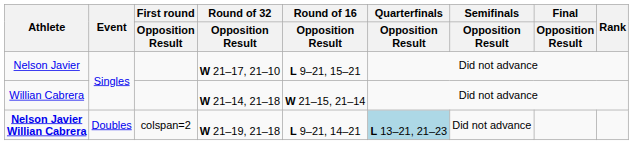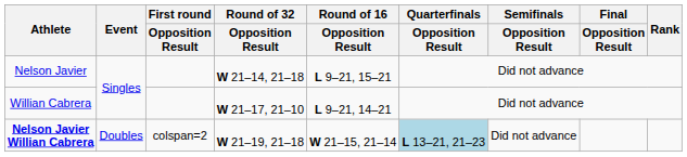 <table class="wikitable" style="font-size:90%">
 <tr>
 <th rowspan="2">Athlete</th>
 <th rowspan="2">Event</th>
 <th>First round</th>
 <th>Round of 32</th>
 <th>Round of 16</th>
 <th>Quarterfinals</th>
 <th>Semifinals</th>
 <th>Final</th>
 <th rowspan="2">Rank</th>
 </tr>
 <tr>
 <th>Opposition<br>Result</th>
 <th>Opposition<br>Result</th>
 <th>Opposition<br>Result</th>
 <th>Opposition<br>Result</th>
 <th>Opposition<br>Result</th>
 <th>Opposition<br>Result</th>
 </tr>
 <tr align=center>
 <td><a href='#'>Nelson Javier</a></td>
 <td rowspan="2"><a href='#'>Singles</a></td>
 <td></td>
-<td align=center><br><strong>W</strong> 21–17, 21–10</td>
+<td align=center><br><strong>W</strong> 21–14, 21–18</td>
 <td align=center><br><strong>L</strong> 9–21, 15–21</td>
 <td colspan=4>Did not advance</td>
 </tr>
 <tr align=center>
 <td><a href='#'>Willian Cabrera</a></td>
 <td></td>
-<td align=center><br><strong>W</strong> 21–14, 21–18</td>
-<td align=center><br><strong>W</strong> 21–15, 21–14</td>
+<td align=center><br><strong>W</strong> 21–17, 21–10</td>
+<td align=center><br><strong>L</strong> 9–21, 14–21</td>
 <td colspan=4>Did not advance</td>
 </tr>
 <tr align=center>
 <td><strong><a href='#'>Nelson Javier</a><br><a href='#'>Willian Cabrera</a></strong></td>
 <td><a href='#'>Doubles</a></td>
 <td>colspan=2 </td>
 <td align=center><br><strong>W</strong> 21–19, 21–18</td>
-<td align=center><br><strong>L</strong> 9–21, 14–21</td>
+<td align=center><br><strong>W</strong> 21–15, 21–14</td>
 <td align=center style="background: lightblue;"><br><strong>L</strong> 13–21, 21–23</td>
 <td>Did not advance</td>
 <td></td>
 </tr>
 </table>
